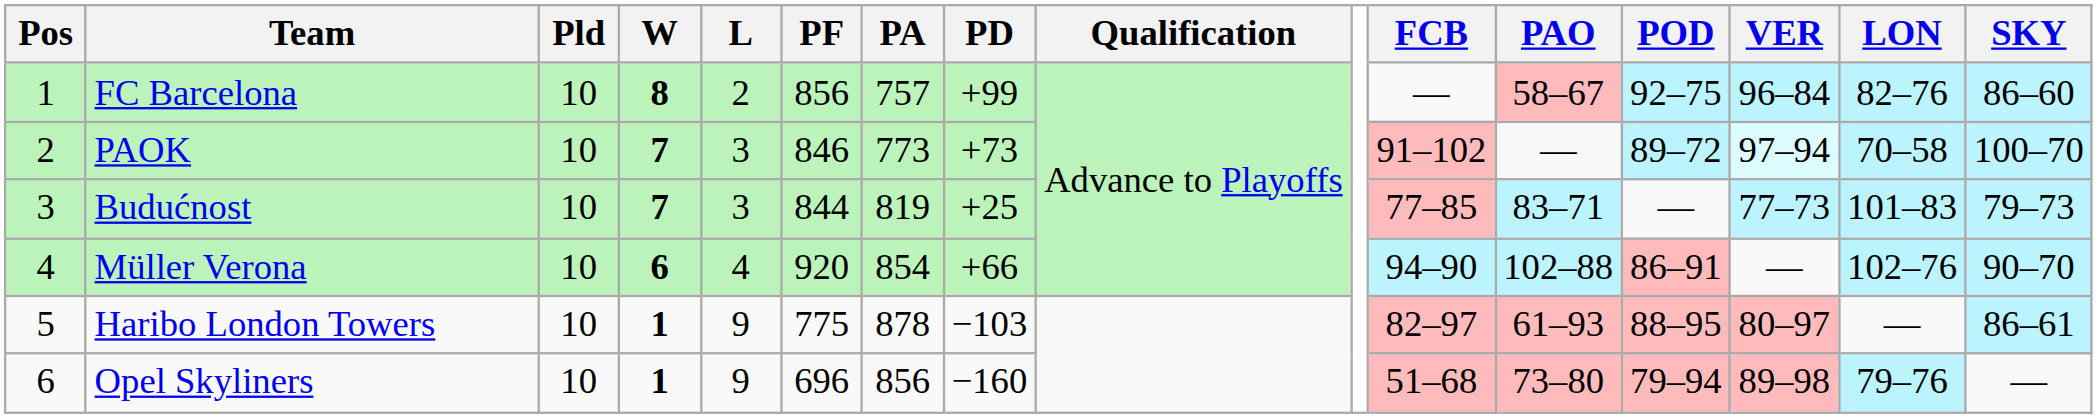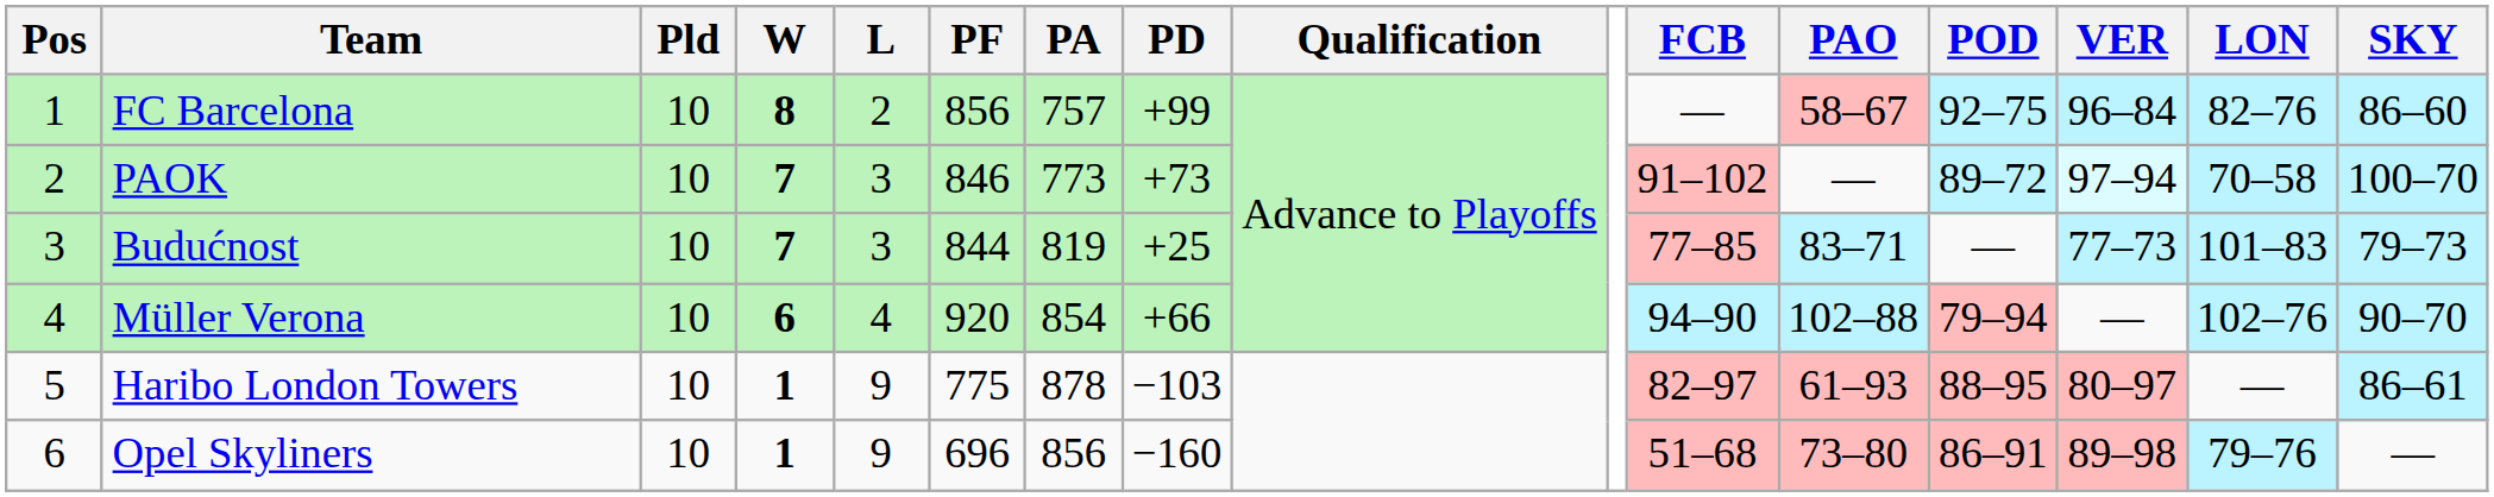 <table class="wikitable" style="text-align:center">
 <tr>
 <th scope="col" width=28><abbr>Pos</abbr></th>
 <th scope="col" width=190>Team</th>
 <th scope="col" width=28><abbr>Pld</abbr></th>
 <th scope="col" width=28><abbr>W</abbr></th>
 <th scope="col" width=28><abbr>L</abbr></th>
 <th scope="col" width=28><abbr>PF</abbr></th>
 <th scope="col" width=28><abbr>PA</abbr></th>
 <th scope="col" width=28><abbr>PD</abbr></th>
 <th scope="col">Qualification</th>
 <th scope="row" class="unsortable" style="background-color:white;border-top:white;border-bottom:white;line-width:3pt;"></th>
 <th scope="col" width=28> <a href='#'>FCB</a></th>
 <th scope="col" width=28> <a href='#'>PAO</a></th>
 <th scope="col" width=28> <a href='#'>POD</a></th>
 <th scope="col" width=28> <a href='#'>VER</a></th>
 <th scope="col" width=28> <a href='#'>LON</a></th>
 <th scope="col" width=28> <a href='#'>SKY</a></th>
 </tr>
 <tr>
 <th scope="row" style="text-align: center;font-weight: normal;background-color:#BBF3BB;">1</th>
 <td style="text-align: left; white-space:nowrap;font-weight: normal;background-color:#BBF3BB;"> <a href='#'>FC Barcelona</a></td>
 <td style="font-weight: normal;background-color:#BBF3BB;">10</td>
 <td style="font-weight: bold;background-color:#BBF3BB;">8</td>
 <td style="font-weight: normal;background-color:#BBF3BB;">2</td>
 <td style="font-weight: normal;background-color:#BBF3BB;">856</td>
 <td style="font-weight: normal;background-color:#BBF3BB;">757</td>
 <td style="font-weight: normal;background-color:#BBF3BB;">+99</td>
 <td style="font-weight: normal;background-color:#BBF3BB;" rowspan="4">Advance to <a href='#'>Playoffs</a></td>
 <td style="background-color:white;border-top:white;border-bottom:white;"></td>
 <td style="font-weight:normal;background:transparent;">—</td>
 <td style="white-space:nowrap;font-weight:normal;background:#FBB;">58–67</td>
 <td style="white-space:nowrap;font-weight:normal;background:#BBF3FF;">92–75</td>
 <td style="white-space:nowrap;font-weight:normal;background:#BBF3FF;">96–84</td>
 <td style="white-space:nowrap;font-weight:normal;background:#BBF3FF;">82–76</td>
 <td style="white-space:nowrap;font-weight:normal;background:#BBF3FF;">86–60</td>
 </tr>
 <tr>
 <th scope="row" style="text-align: center;font-weight: normal;background-color:#BBF3BB;">2</th>
 <td style="text-align: left; white-space:nowrap;font-weight: normal;background-color:#BBF3BB;"> <a href='#'>PAOK</a></td>
 <td style="font-weight: normal;background-color:#BBF3BB;">10</td>
 <td style="font-weight: bold;background-color:#BBF3BB;">7</td>
 <td style="font-weight: normal;background-color:#BBF3BB;">3</td>
 <td style="font-weight: normal;background-color:#BBF3BB;">846</td>
 <td style="font-weight: normal;background-color:#BBF3BB;">773</td>
 <td style="font-weight: normal;background-color:#BBF3BB;">+73</td>
 <td style="background-color:white;border-top:white;border-bottom:white;"></td>
 <td style="white-space:nowrap;font-weight:normal;background:#FBB;">91–102</td>
 <td style="font-weight:normal;background:transparent;">—</td>
 <td style="white-space:nowrap;font-weight:normal;background:#BBF3FF;">89–72</td>
 <td style="white-space:nowrap;font-weight:normal;background:#DDFCFF;">97–94</td>
 <td style="white-space:nowrap;font-weight:normal;background:#BBF3FF;">70–58</td>
 <td style="white-space:nowrap;font-weight:normal;background:#BBF3FF;">100–70</td>
 </tr>
 <tr>
 <th scope="row" style="text-align: center;font-weight: normal;background-color:#BBF3BB;">3</th>
 <td style="text-align: left; white-space:nowrap;font-weight: normal;background-color:#BBF3BB;"> <a href='#'>Budućnost</a></td>
 <td style="font-weight: normal;background-color:#BBF3BB;">10</td>
 <td style="font-weight: bold;background-color:#BBF3BB;">7</td>
 <td style="font-weight: normal;background-color:#BBF3BB;">3</td>
 <td style="font-weight: normal;background-color:#BBF3BB;">844</td>
 <td style="font-weight: normal;background-color:#BBF3BB;">819</td>
 <td style="font-weight: normal;background-color:#BBF3BB;">+25</td>
 <td style="background-color:white;border-top:white;border-bottom:white;"></td>
 <td style="white-space:nowrap;font-weight:normal;background:#FBB;">77–85</td>
 <td style="white-space:nowrap;font-weight:normal;background:#BBF3FF;">83–71</td>
 <td style="font-weight:normal;background:transparent;">—</td>
 <td style="white-space:nowrap;font-weight:normal;background:#BBF3FF;">77–73</td>
 <td style="white-space:nowrap;font-weight:normal;background:#BBF3FF;">101–83</td>
 <td style="white-space:nowrap;font-weight:normal;background:#BBF3FF;">79–73</td>
 </tr>
 <tr>
 <th scope="row" style="text-align: center;font-weight: normal;background-color:#BBF3BB;">4</th>
 <td style="text-align: left; white-space:nowrap;font-weight: normal;background-color:#BBF3BB;"> <a href='#'>Müller Verona</a></td>
 <td style="font-weight: normal;background-color:#BBF3BB;">10</td>
 <td style="font-weight: bold;background-color:#BBF3BB;">6</td>
 <td style="font-weight: normal;background-color:#BBF3BB;">4</td>
 <td style="font-weight: normal;background-color:#BBF3BB;">920</td>
 <td style="font-weight: normal;background-color:#BBF3BB;">854</td>
 <td style="font-weight: normal;background-color:#BBF3BB;">+66</td>
 <td style="background-color:white;border-top:white;border-bottom:white;"></td>
 <td style="white-space:nowrap;font-weight:normal;background:#BBF3FF;">94–90</td>
 <td style="white-space:nowrap;font-weight:normal;background:#BBF3FF;">102–88</td>
-<td style="white-space:nowrap;font-weight:normal;background:#FBB;">86–91</td>
+<td style="white-space:nowrap;font-weight:normal;background:#FBB;">79–94</td>
 <td style="font-weight:normal;background:transparent;">—</td>
 <td style="white-space:nowrap;font-weight:normal;background:#BBF3FF;">102–76</td>
 <td style="white-space:nowrap;font-weight:normal;background:#BBF3FF;">90–70</td>
 </tr>
 <tr>
 <th scope="row" style="text-align: center;font-weight: normal;background-color:transparent;">5</th>
 <td style="text-align: left; white-space:nowrap;font-weight: normal;background-color:transparent;"> <a href='#'>Haribo London Towers</a></td>
 <td style="font-weight: normal;background-color:transparent;">10</td>
 <td style="font-weight: bold;background-color:transparent;">1</td>
 <td style="font-weight: normal;background-color:transparent;">9</td>
 <td style="font-weight: normal;background-color:transparent;">775</td>
 <td style="font-weight: normal;background-color:transparent;">878</td>
 <td style="font-weight: normal;background-color:transparent;">−103</td>
 <td style="font-weight: normal;background-color:transparent;" rowspan="2"></td>
 <td style="background-color:white;border-top:white;border-bottom:white;"></td>
 <td style="white-space:nowrap;font-weight:normal;background:#FBB;">82–97</td>
 <td style="white-space:nowrap;font-weight:normal;background:#FBB;">61–93</td>
 <td style="white-space:nowrap;font-weight:normal;background:#FBB;">88–95</td>
 <td style="white-space:nowrap;font-weight:normal;background:#FBB;">80–97</td>
 <td style="font-weight:normal;background:transparent;">—</td>
 <td style="white-space:nowrap;font-weight:normal;background:#BBF3FF;">86–61</td>
 </tr>
 <tr>
 <th scope="row" style="text-align: center;font-weight: normal;background-color:transparent;">6</th>
 <td style="text-align: left; white-space:nowrap;font-weight: normal;background-color:transparent;"> <a href='#'>Opel Skyliners</a></td>
 <td style="font-weight: normal;background-color:transparent;">10</td>
 <td style="font-weight: bold;background-color:transparent;">1</td>
 <td style="font-weight: normal;background-color:transparent;">9</td>
 <td style="font-weight: normal;background-color:transparent;">696</td>
 <td style="font-weight: normal;background-color:transparent;">856</td>
 <td style="font-weight: normal;background-color:transparent;">−160</td>
 <td style="background-color:white;border-top:white;border-bottom:white;"></td>
 <td style="white-space:nowrap;font-weight:normal;background:#FBB;">51–68</td>
 <td style="white-space:nowrap;font-weight:normal;background:#FBB;">73–80</td>
-<td style="white-space:nowrap;font-weight:normal;background:#FBB;">79–94</td>
+<td style="white-space:nowrap;font-weight:normal;background:#FBB;">86–91</td>
 <td style="white-space:nowrap;font-weight:normal;background:#FBB;">89–98</td>
 <td style="white-space:nowrap;font-weight:normal;background:#BBF3FF;">79–76</td>
 <td style="font-weight:normal;background:transparent;">—</td>
 </tr>
 </table>
